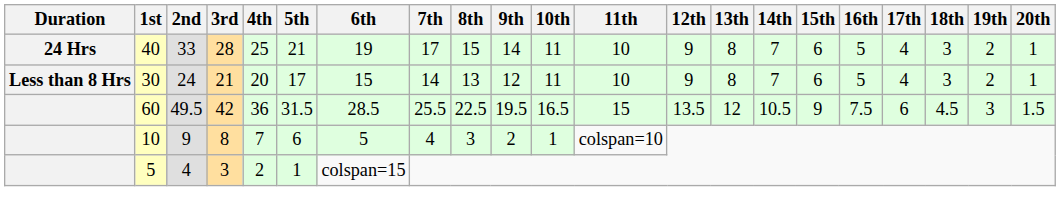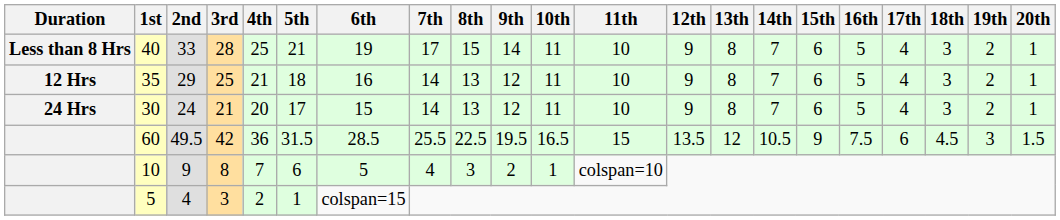 <table class="wikitable" style="font-size:85%; text-align:center">
 <tr>
 <th>Duration</th>
 <th>1st</th>
 <th>2nd</th>
 <th>3rd</th>
 <th>4th</th>
 <th>5th</th>
 <th>6th</th>
 <th>7th</th>
 <th>8th</th>
 <th>9th</th>
 <th>10th</th>
 <th>11th</th>
 <th>12th</th>
 <th>13th</th>
 <th>14th</th>
 <th>15th</th>
 <th>16th</th>
 <th>17th</th>
 <th>18th</th>
 <th>19th</th>
 <th>20th</th>
 </tr>
 <tr>
-<th>24 Hrs</th>
+<th>Less than 8 Hrs</th>
 <td style="background:#ffffbf;">40</td>
 <td style="background:#dfdfdf;">33</td>
 <td style="background:#ffdf9f;">28</td>
 <td style="background:#dfffdf;">25</td>
 <td style="background:#dfffdf;">21</td>
 <td style="background:#dfffdf;">19</td>
 <td style="background:#dfffdf;">17</td>
 <td style="background:#dfffdf;">15</td>
 <td style="background:#dfffdf;">14</td>
 <td style="background:#dfffdf;">11</td>
 <td style="background:#dfffdf;">10</td>
 <td style="background:#dfffdf;">9</td>
 <td style="background:#dfffdf;">8</td>
 <td style="background:#dfffdf;">7</td>
 <td style="background:#dfffdf;">6</td>
 <td style="background:#dfffdf;">5</td>
 <td style="background:#dfffdf;">4</td>
 <td style="background:#dfffdf;">3</td>
 <td style="background:#dfffdf;">2</td>
 <td style="background:#dfffdf;">1</td>
 </tr>
 <tr>
-<th>Less than 8 Hrs</th>
+<th>12 Hrs</th>
+<td style="background:#ffffbf;">35</td>
+<td style="background:#dfdfdf;">29</td>
+<td style="background:#ffdf9f;">25</td>
+<td style="background:#dfffdf;">21</td>
+<td style="background:#dfffdf;">18</td>
+<td style="background:#dfffdf;">16</td>
+<td style="background:#dfffdf;">14</td>
+<td style="background:#dfffdf;">13</td>
+<td style="background:#dfffdf;">12</td>
+<td style="background:#dfffdf;">11</td>
+<td style="background:#dfffdf;">10</td>
+<td style="background:#dfffdf;">9</td>
+<td style="background:#dfffdf;">8</td>
+<td style="background:#dfffdf;">7</td>
+<td style="background:#dfffdf;">6</td>
+<td style="background:#dfffdf;">5</td>
+<td style="background:#dfffdf;">4</td>
+<td style="background:#dfffdf;">3</td>
+<td style="background:#dfffdf;">2</td>
+<td style="background:#dfffdf;">1</td>
+</tr>
+<tr>
+<th>24 Hrs</th>
 <td style="background:#ffffbf;">30</td>
 <td style="background:#dfdfdf;">24</td>
 <td style="background:#ffdf9f;">21</td>
 <td style="background:#dfffdf;">20</td>
 <td style="background:#dfffdf;">17</td>
 <td style="background:#dfffdf;">15</td>
 <td style="background:#dfffdf;">14</td>
 <td style="background:#dfffdf;">13</td>
 <td style="background:#dfffdf;">12</td>
 <td style="background:#dfffdf;">11</td>
 <td style="background:#dfffdf;">10</td>
 <td style="background:#dfffdf;">9</td>
 <td style="background:#dfffdf;">8</td>
 <td style="background:#dfffdf;">7</td>
 <td style="background:#dfffdf;">6</td>
 <td style="background:#dfffdf;">5</td>
 <td style="background:#dfffdf;">4</td>
 <td style="background:#dfffdf;">3</td>
 <td style="background:#dfffdf;">2</td>
 <td style="background:#dfffdf;">1</td>
 </tr>
 <tr>
 <th></th>
 <td style="background:#ffffbf;">60</td>
 <td style="background:#dfdfdf;">49.5</td>
 <td style="background:#ffdf9f;">42</td>
 <td style="background:#dfffdf;">36</td>
 <td style="background:#dfffdf;">31.5</td>
 <td style="background:#dfffdf;">28.5</td>
 <td style="background:#dfffdf;">25.5</td>
 <td style="background:#dfffdf;">22.5</td>
 <td style="background:#dfffdf;">19.5</td>
 <td style="background:#dfffdf;">16.5</td>
 <td style="background:#dfffdf;">15</td>
 <td style="background:#dfffdf;">13.5</td>
 <td style="background:#dfffdf;">12</td>
 <td style="background:#dfffdf;">10.5</td>
 <td style="background:#dfffdf;">9</td>
 <td style="background:#dfffdf;">7.5</td>
 <td style="background:#dfffdf;">6</td>
 <td style="background:#dfffdf;">4.5</td>
 <td style="background:#dfffdf;">3</td>
 <td style="background:#dfffdf;">1.5</td>
 </tr>
 <tr>
 <th></th>
 <td style="background:#ffffbf;">10</td>
 <td style="background:#dfdfdf;">9</td>
 <td style="background:#ffdf9f;">8</td>
 <td style="background:#dfffdf;">7</td>
 <td style="background:#dfffdf;">6</td>
 <td style="background:#dfffdf;">5</td>
 <td style="background:#dfffdf;">4</td>
 <td style="background:#dfffdf;">3</td>
 <td style="background:#dfffdf;">2</td>
 <td style="background:#dfffdf;">1</td>
 <td>colspan=10 </td>
 </tr>
 <tr>
 <th></th>
 <td style="background:#ffffbf;">5</td>
 <td style="background:#dfdfdf;">4</td>
 <td style="background:#ffdf9f;">3</td>
 <td style="background:#dfffdf;">2</td>
 <td style="background:#dfffdf;">1</td>
 <td>colspan=15 </td>
 </tr>
 </table>
